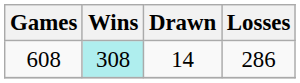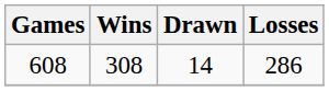 <table class="wikitable" style="text-align: center; font-size:100%">
 <tr>
 <th>Games</th>
 <th>Wins</th>
 <th>Drawn</th>
 <th>Losses</th>
 </tr>
 <tr>
 <td>608</td>
-<td style="background: paleturquoise;">308</td>
+<td>308</td>
 <td>14</td>
 <td>286</td>
 </tr>
 <tr>
 </tr>
 </table>
